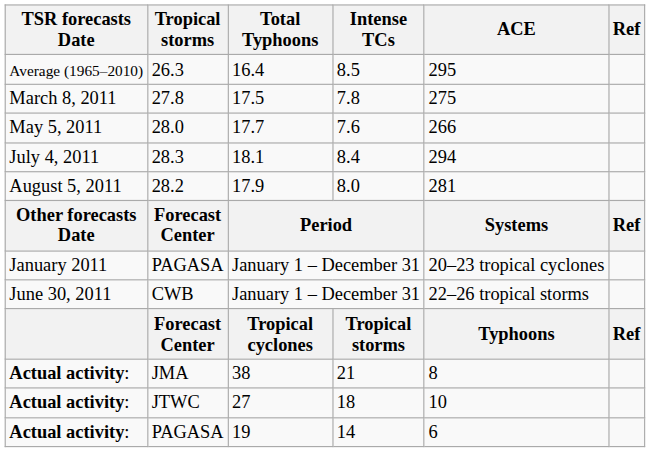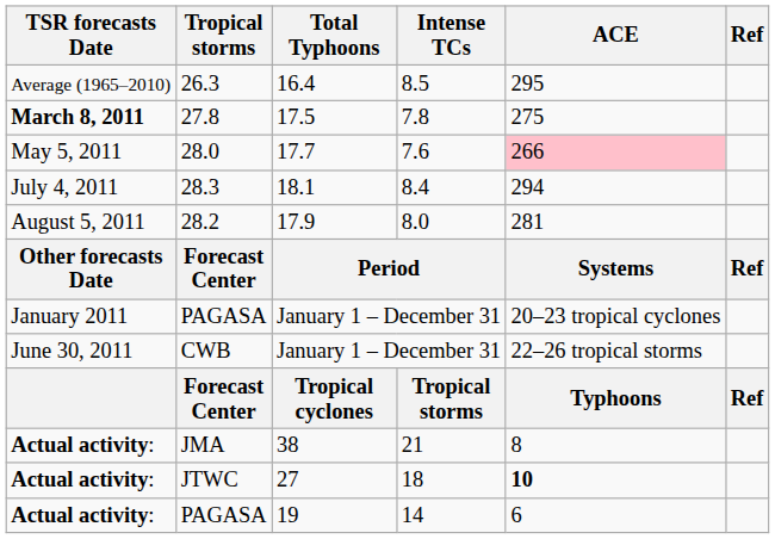 <table class="wikitable" style="float:right">
 <tr>
 <th>TSR forecasts<br>Date</th>
 <th>Tropical<br>storms</th>
 <th>Total<br>Typhoons</th>
 <th>Intense<br>TCs</th>
 <th>ACE</th>
 <th>Ref</th>
 </tr>
 <tr>
 <td><small>Average (1965–2010)</small></td>
 <td>26.3</td>
 <td>16.4</td>
 <td>8.5</td>
 <td>295</td>
 <td></td>
 </tr>
 <tr>
-<td>March 8, 2011</td>
+<td><strong>March 8, 2011</strong></td>
 <td>27.8</td>
 <td>17.5</td>
 <td>7.8</td>
 <td>275</td>
 <td></td>
 </tr>
 <tr>
 <td>May 5, 2011</td>
 <td>28.0</td>
 <td>17.7</td>
 <td>7.6</td>
-<td>266</td>
+<td style="background: pink;">266</td>
 <td></td>
 </tr>
 <tr>
 <td>July 4, 2011</td>
 <td>28.3</td>
 <td>18.1</td>
 <td>8.4</td>
 <td>294</td>
 <td></td>
 </tr>
 <tr>
 <td>August 5, 2011</td>
 <td>28.2</td>
 <td>17.9</td>
 <td>8.0</td>
 <td>281</td>
 <td></td>
 </tr>
 <tr>
 <th>Other forecasts<br>Date</th>
 <th>Forecast<br>Center</th>
 <th colspan=2>Period</th>
 <th>Systems</th>
 <th>Ref</th>
 </tr>
 <tr>
 <td>January 2011</td>
 <td>PAGASA</td>
 <td colspan=2>January 1 – December 31</td>
 <td>20–23 tropical cyclones</td>
 <td></td>
 </tr>
 <tr>
 <td>June 30, 2011</td>
 <td>CWB</td>
 <td colspan=2>January 1 – December 31</td>
 <td>22–26 tropical storms</td>
 <td></td>
 </tr>
 <tr>
 <th></th>
 <th>Forecast<br>Center</th>
 <th>Tropical<br>cyclones</th>
 <th>Tropical<br>storms</th>
 <th>Typhoons</th>
 <th>Ref</th>
 </tr>
 <tr>
 <td><strong>Actual activity</strong>:</td>
 <td>JMA</td>
 <td>38</td>
 <td>21</td>
 <td>8</td>
 <td></td>
 </tr>
 <tr>
 <td><strong>Actual activity</strong>:</td>
 <td>JTWC</td>
 <td>27</td>
 <td>18</td>
-<td>10</td>
+<td><strong>10</strong></td>
 <td></td>
 </tr>
 <tr>
 <td><strong>Actual activity</strong>:</td>
 <td>PAGASA</td>
 <td>19</td>
 <td>14</td>
 <td>6</td>
 <td></td>
 </tr>
 </table>
